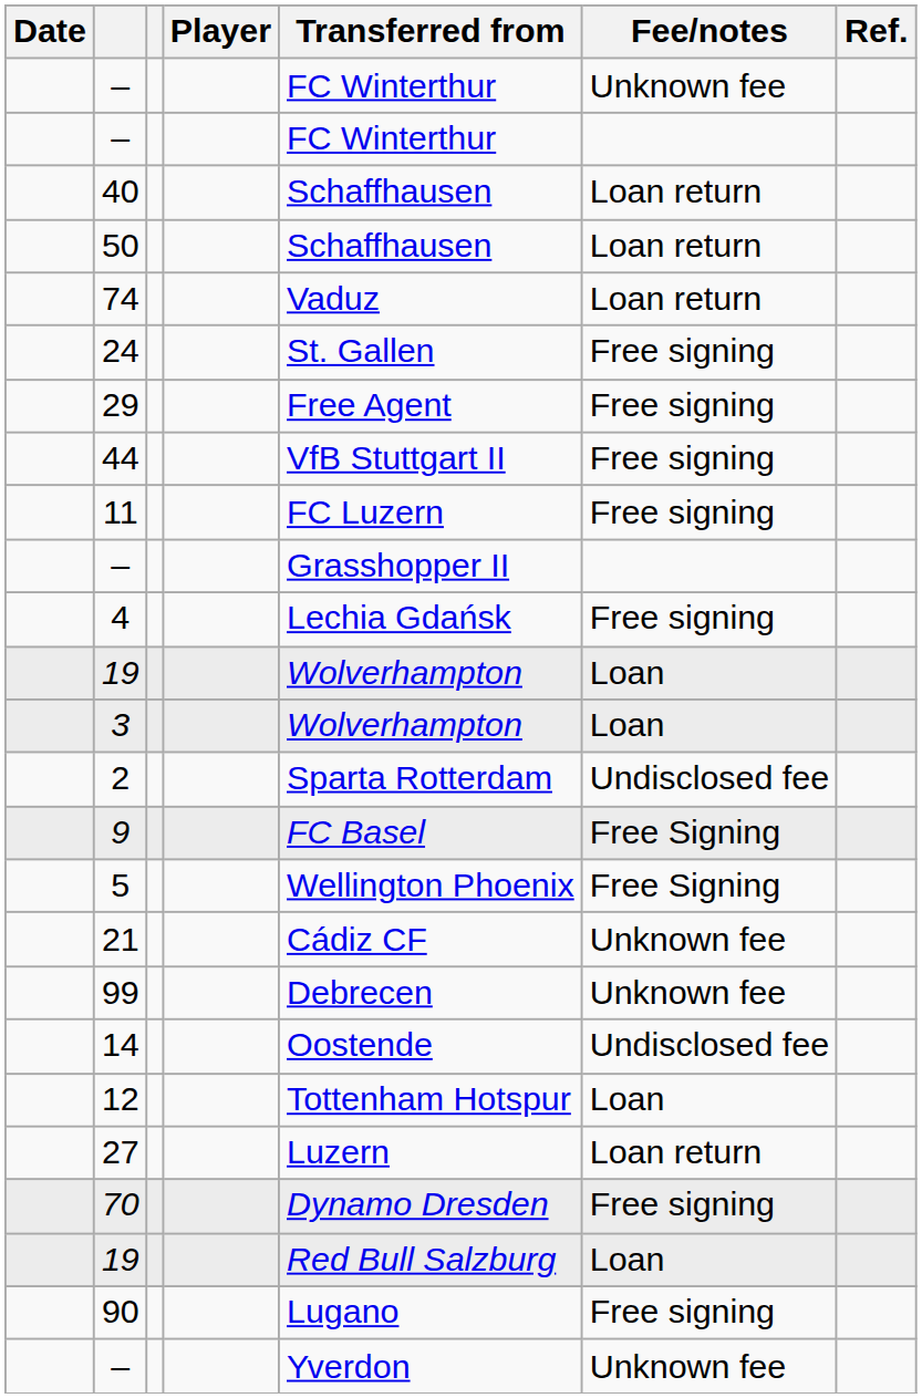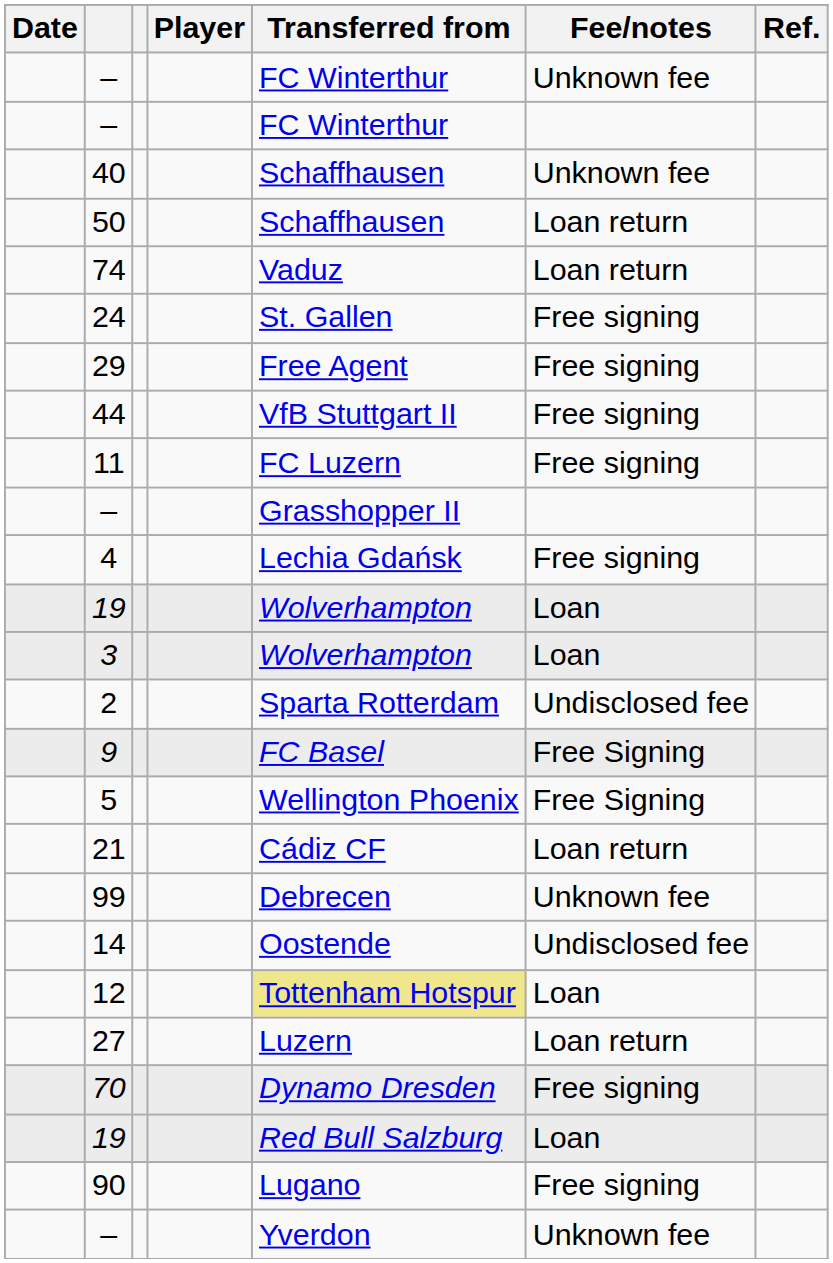 <table class="wikitable plainrowheaders sortable">
 <tr>
 <th scope=col>Date</th>
 <th></th>
 <th></th>
 <th scope=col>Player</th>
 <th>Transferred from</th>
 <th !scope=col>Fee/notes</th>
 <th scope=col>Ref.</th>
 </tr>
 <tr>
 <td></td>
 <td align=center>–</td>
 <td align=center></td>
 <td></td>
 <td> <a href='#'>FC Winterthur</a></td>
 <td>Unknown fee</td>
 <td></td>
 </tr>
 <tr>
 <td></td>
 <td align=center>–</td>
 <td align=center></td>
 <td></td>
 <td> <a href='#'>FC Winterthur</a></td>
 <td></td>
 <td></td>
 </tr>
 <tr>
 <td></td>
 <td style="text-align:center">40</td>
 <td style="text-align:center"></td>
 <td></td>
 <td> <a href='#'>Schaffhausen</a></td>
-<td>Loan return</td>
+<td>Unknown fee</td>
 <td></td>
 </tr>
 <tr>
 <td></td>
 <td style="text-align:center">50</td>
 <td style="text-align:center"></td>
 <td></td>
 <td> <a href='#'>Schaffhausen</a></td>
 <td>Loan return</td>
 <td></td>
 </tr>
 <tr>
 <td></td>
 <td style="text-align:center">74</td>
 <td style="text-align:center"></td>
 <td></td>
 <td> <a href='#'>Vaduz</a></td>
 <td>Loan return</td>
 <td></td>
 </tr>
 <tr>
 <td></td>
 <td style="text-align:center">24</td>
 <td style="text-align:center"></td>
 <td></td>
 <td> <a href='#'>St. Gallen</a></td>
 <td>Free signing</td>
 <td></td>
 </tr>
 <tr>
 <td></td>
 <td align=center>29</td>
 <td align=center></td>
 <td></td>
 <td> <a href='#'>Free Agent</a></td>
 <td>Free signing</td>
 <td></td>
 </tr>
 <tr>
 <td></td>
 <td align=center>44</td>
 <td align=center></td>
 <td></td>
 <td> <a href='#'>VfB Stuttgart II</a></td>
 <td>Free signing</td>
 <td></td>
 </tr>
 <tr>
 <td></td>
 <td align=center>11</td>
 <td align=center></td>
 <td></td>
 <td> <a href='#'>FC Luzern</a></td>
 <td>Free signing</td>
 <td></td>
 </tr>
 <tr>
 <td></td>
 <td align=center>–</td>
 <td align=center></td>
 <td></td>
 <td> <a href='#'>Grasshopper II</a></td>
 <td></td>
 <td></td>
 </tr>
 <tr>
 <td></td>
 <td align=center>4</td>
 <td align=center></td>
 <td></td>
 <td> <a href='#'>Lechia Gdańsk</a></td>
 <td>Free signing</td>
 <td></td>
 </tr>
 <tr style="background:#ececec;">
 <td></td>
 <td align=center><em>19</em></td>
 <td align=center></td>
 <td></td>
 <td> <em><a href='#'>Wolverhampton</a></em></td>
 <td>Loan</td>
 <td></td>
 </tr>
 <tr style="background:#ececec;">
 <td></td>
 <td align=center><em>3</em></td>
 <td align=center></td>
 <td></td>
 <td> <em><a href='#'>Wolverhampton</a></em></td>
 <td>Loan</td>
 <td></td>
 </tr>
 <tr>
 <td></td>
 <td align=center>2</td>
 <td align=center></td>
 <td></td>
 <td> <a href='#'>Sparta Rotterdam</a></td>
 <td>Undisclosed fee</td>
 <td></td>
 </tr>
 <tr style="background:#ececec;">
 <td></td>
 <td align=center><em>9</em></td>
 <td align=center></td>
 <td></td>
 <td> <em><a href='#'>FC Basel</a></em></td>
 <td>Free Signing</td>
 <td></td>
 </tr>
 <tr>
 <td></td>
 <td align=center>5</td>
 <td align=center></td>
 <td></td>
 <td> <a href='#'>Wellington Phoenix</a></td>
 <td>Free Signing</td>
 <td></td>
 </tr>
 <tr>
 <td></td>
 <td align=center>21</td>
 <td align=center></td>
 <td></td>
 <td> <a href='#'>Cádiz CF</a></td>
-<td>Unknown fee</td>
+<td>Loan return</td>
 <td></td>
 </tr>
 <tr>
 <td></td>
 <td align=center>99</td>
 <td align=center></td>
 <td></td>
 <td> <a href='#'>Debrecen</a></td>
 <td>Unknown fee</td>
 <td></td>
 </tr>
 <tr>
 <td></td>
 <td align=center>14</td>
 <td align=center></td>
 <td></td>
 <td> <a href='#'>Oostende</a></td>
 <td>Undisclosed fee</td>
 <td></td>
 </tr>
 <tr>
 <td></td>
 <td align=center>12</td>
 <td align=center></td>
 <td></td>
-<td> <a href='#'>Tottenham Hotspur</a></td>
+<td style="background: khaki;"> <a href='#'>Tottenham Hotspur</a></td>
 <td>Loan</td>
 <td></td>
 </tr>
 <tr>
 <td></td>
 <td align=center>27</td>
 <td align=center></td>
 <td></td>
 <td> <a href='#'>Luzern</a></td>
 <td>Loan return</td>
 <td></td>
 </tr>
 <tr style="background:#ececec;">
 <td></td>
 <td align=center><em>70</em></td>
 <td align=center></td>
 <td></td>
 <td> <em><a href='#'>Dynamo Dresden</a></em></td>
 <td>Free signing</td>
 <td></td>
 </tr>
 <tr style="background:#ececec;">
 <td></td>
 <td align=center><em>19</em></td>
 <td align=center></td>
 <td></td>
 <td> <em><a href='#'>Red Bull Salzburg</a></em></td>
 <td>Loan</td>
 <td></td>
 </tr>
 <tr>
 <td></td>
 <td align=center>90</td>
 <td align=center></td>
 <td></td>
 <td> <a href='#'>Lugano</a></td>
 <td>Free signing</td>
 <td></td>
 </tr>
 <tr>
 <td></td>
 <td align=center>–</td>
 <td align=center></td>
 <td></td>
 <td> <a href='#'>Yverdon</a></td>
 <td>Unknown fee</td>
 <td></td>
 </tr>
 <tr>
 </tr>
 </table>
